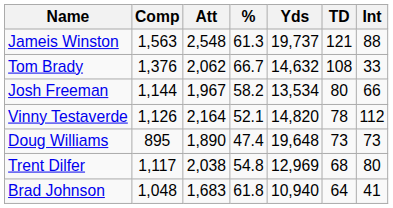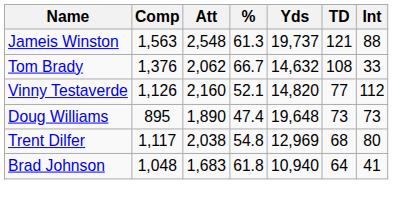 <table class="wikitable sortable" style="text-align:center">
 <tr>
 <th>Name</th>
 <th>Comp</th>
 <th>Att</th>
 <th>%</th>
 <th>Yds</th>
 <th>TD</th>
 <th>Int</th>
 </tr>
 <tr>
 <td style="text-align:left;"><a href='#'>Jameis Winston</a></td>
 <td>1,563</td>
 <td>2,548</td>
 <td>61.3</td>
 <td>19,737</td>
 <td>121</td>
 <td>88</td>
 </tr>
 <tr>
 <td style="text-align:left;"><a href='#'>Tom Brady</a></td>
 <td>1,376</td>
 <td>2,062</td>
 <td>66.7</td>
 <td>14,632</td>
 <td>108</td>
 <td>33</td>
 </tr>
 <tr>
-<td style="text-align:left;"><a href='#'>Josh Freeman</a></td>
-<td>1,144</td>
-<td>1,967</td>
-<td>58.2</td>
-<td>13,534</td>
-<td>80</td>
-<td>66</td>
-</tr>
-<tr>
 <td style="text-align:left;"><a href='#'>Vinny Testaverde</a></td>
 <td>1,126</td>
-<td>2,164</td>
+<td>2,160</td>
 <td>52.1</td>
 <td>14,820</td>
-<td>78</td>
+<td>77</td>
 <td>112</td>
 </tr>
 <tr>
 <td style="text-align:left;"><a href='#'>Doug Williams</a></td>
 <td>895</td>
 <td>1,890</td>
 <td>47.4</td>
 <td>19,648</td>
 <td>73</td>
 <td>73</td>
 </tr>
 <tr>
 <td style="text-align:left;"><a href='#'>Trent Dilfer</a></td>
 <td>1,117</td>
 <td>2,038</td>
 <td>54.8</td>
 <td>12,969</td>
 <td>68</td>
 <td>80</td>
 </tr>
 <tr>
 <td style="text-align:left;"><a href='#'>Brad Johnson</a></td>
 <td>1,048</td>
 <td>1,683</td>
 <td>61.8</td>
 <td>10,940</td>
 <td>64</td>
 <td>41</td>
 </tr>
 </table>
